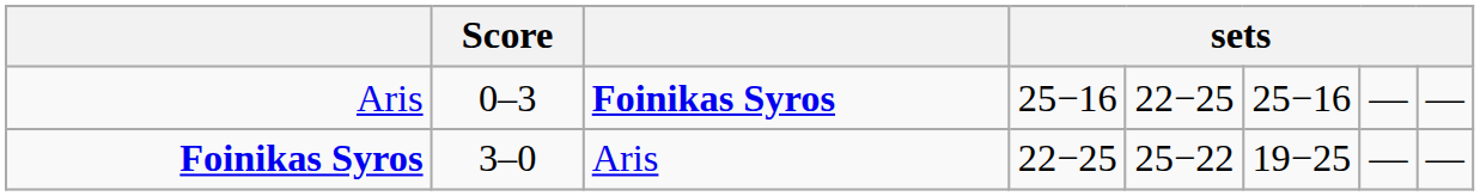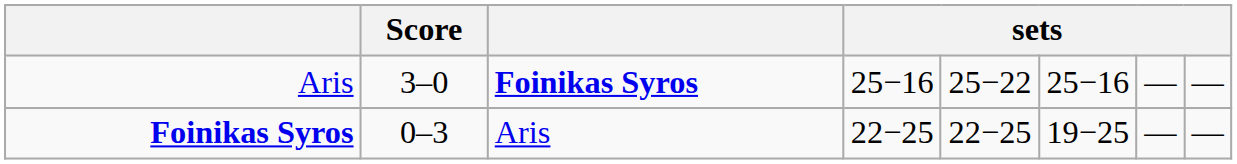 <table class="wikitable" style="text-align: center; font-size:100%">
 <tr>
 <th width="200"></th>
 <th width="60">Score</th>
 <th width="200"></th>
 <th width="60" colspan="5">sets</th>
 </tr>
 <tr>
 <td style="text-align:right"><a href='#'>Aris</a></td>
-<td>0–3</td>
+<td>3–0</td>
 <td style="text-align:left"><strong><a href='#'>Foinikas Syros</a></strong></td>
 <td>25−16</td>
-<td>22−25</td>
+<td>25−22</td>
 <td>25−16</td>
 <td>—</td>
 <td>—</td>
 </tr>
 <tr>
 <td style="text-align:right"><strong><a href='#'>Foinikas Syros</a></strong></td>
-<td>3–0</td>
+<td>0–3</td>
 <td style="text-align:left"><a href='#'>Aris</a></td>
 <td>22−25</td>
-<td>25−22</td>
+<td>22−25</td>
 <td>19−25</td>
 <td>—</td>
 <td>—</td>
 </tr>
 </table>
